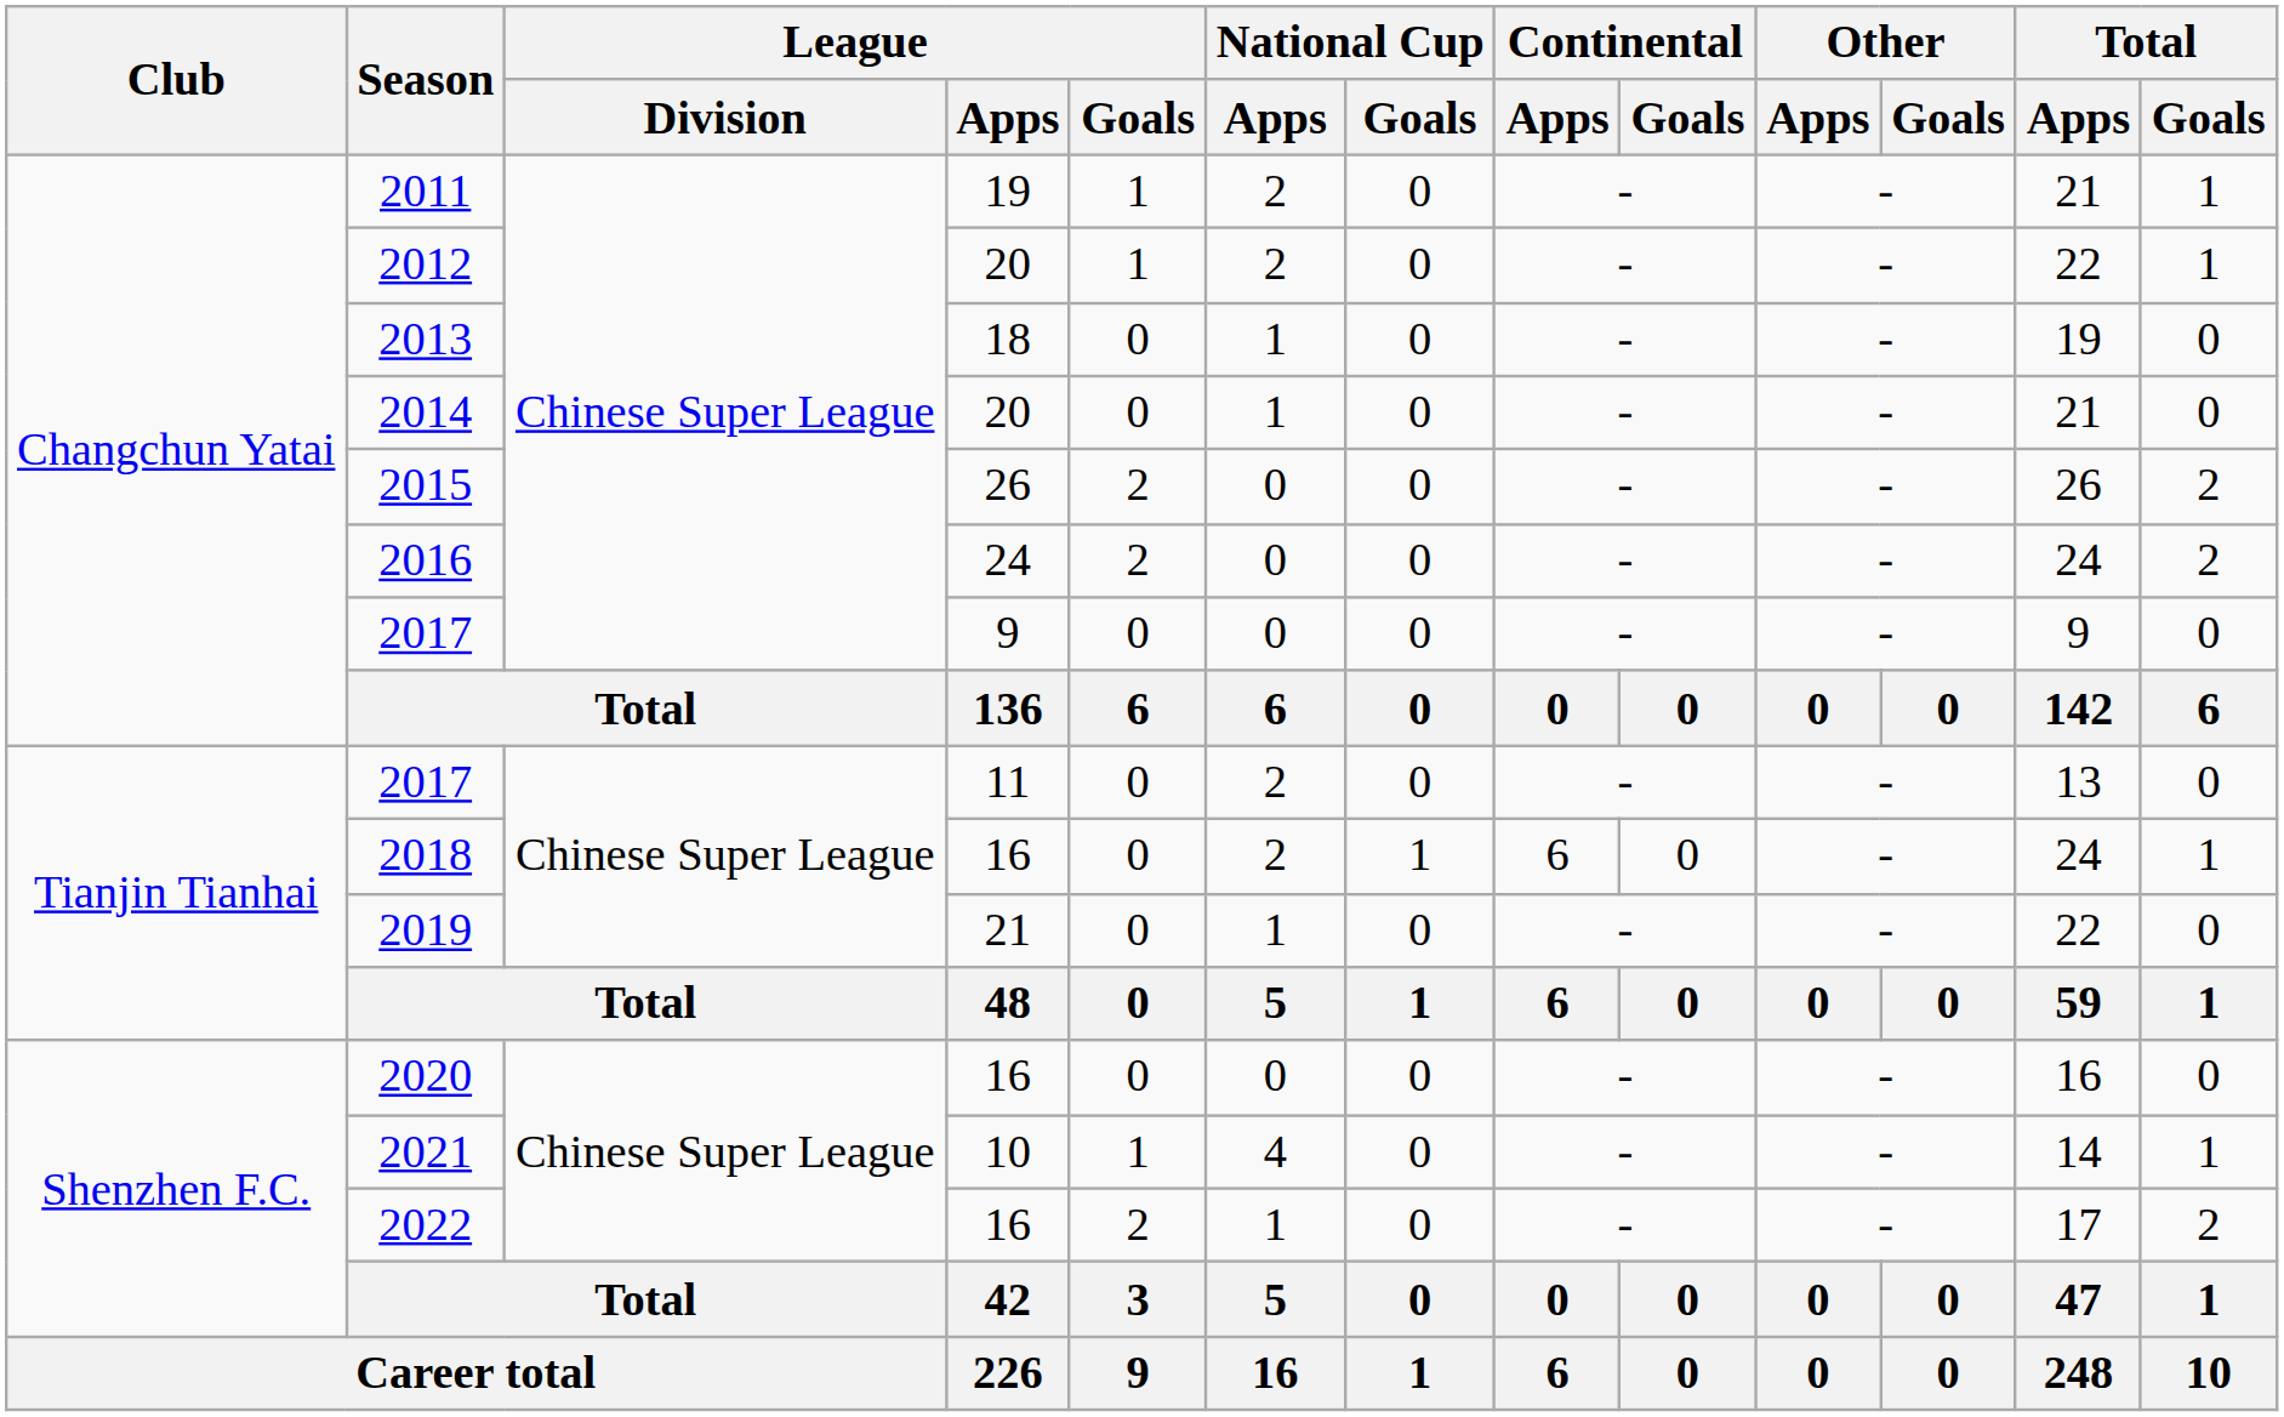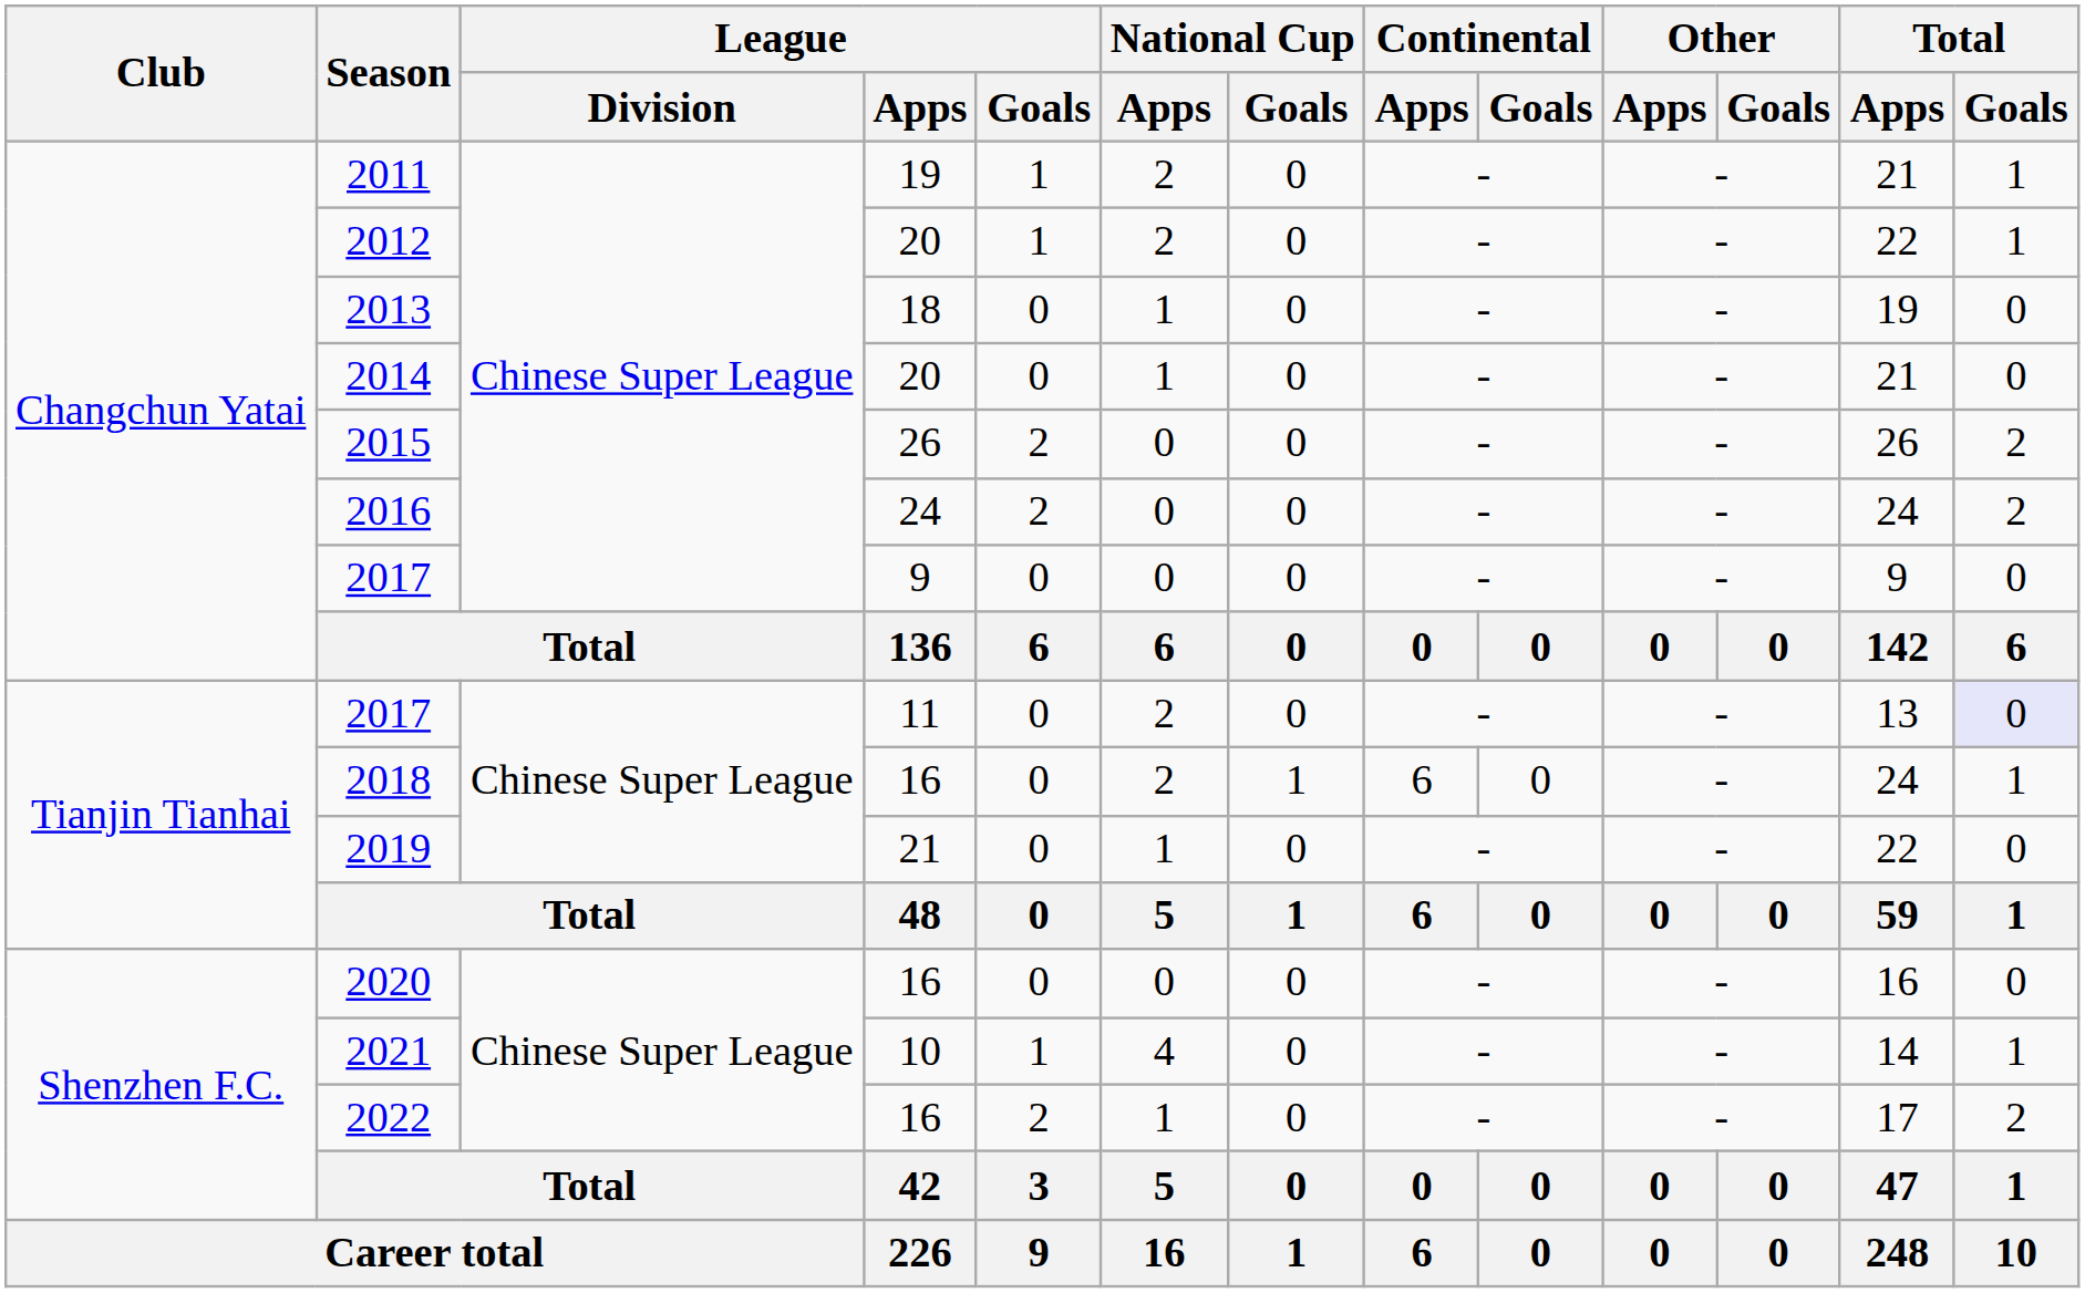 <table class="wikitable" style="text-align: center">
 <tr>
 <th rowspan="2">Club</th>
 <th rowspan="2">Season</th>
 <th colspan="3">League</th>
 <th colspan="2">National Cup</th>
 <th colspan="2">Continental</th>
 <th colspan="2">Other</th>
 <th colspan="2">Total</th>
 </tr>
 <tr>
 <th>Division</th>
 <th>Apps</th>
 <th>Goals</th>
 <th>Apps</th>
 <th>Goals</th>
 <th>Apps</th>
 <th>Goals</th>
 <th>Apps</th>
 <th>Goals</th>
 <th>Apps</th>
 <th>Goals</th>
 </tr>
 <tr>
 <td rowspan=8><a href='#'>Changchun Yatai</a></td>
 <td><a href='#'>2011</a></td>
 <td rowspan=7><a href='#'>Chinese Super League</a></td>
 <td>19</td>
 <td>1</td>
 <td>2</td>
 <td>0</td>
 <td colspan="2">-</td>
 <td colspan="2">-</td>
 <td>21</td>
 <td>1</td>
 </tr>
 <tr>
 <td><a href='#'>2012</a></td>
 <td>20</td>
 <td>1</td>
 <td>2</td>
 <td>0</td>
 <td colspan="2">-</td>
 <td colspan="2">-</td>
 <td>22</td>
 <td>1</td>
 </tr>
 <tr>
 <td><a href='#'>2013</a></td>
 <td>18</td>
 <td>0</td>
 <td>1</td>
 <td>0</td>
 <td colspan="2">-</td>
 <td colspan="2">-</td>
 <td>19</td>
 <td>0</td>
 </tr>
 <tr>
 <td><a href='#'>2014</a></td>
 <td>20</td>
 <td>0</td>
 <td>1</td>
 <td>0</td>
 <td colspan="2">-</td>
 <td colspan="2">-</td>
 <td>21</td>
 <td>0</td>
 </tr>
 <tr>
 <td><a href='#'>2015</a></td>
 <td>26</td>
 <td>2</td>
 <td>0</td>
 <td>0</td>
 <td colspan="2">-</td>
 <td colspan="2">-</td>
 <td>26</td>
 <td>2</td>
 </tr>
 <tr>
 <td><a href='#'>2016</a></td>
 <td>24</td>
 <td>2</td>
 <td>0</td>
 <td>0</td>
 <td colspan="2">-</td>
 <td colspan="2">-</td>
 <td>24</td>
 <td>2</td>
 </tr>
 <tr>
 <td><a href='#'>2017</a></td>
 <td>9</td>
 <td>0</td>
 <td>0</td>
 <td>0</td>
 <td colspan="2">-</td>
 <td colspan="2">-</td>
 <td>9</td>
 <td>0</td>
 </tr>
 <tr>
 <th colspan=2>Total</th>
 <th>136</th>
 <th>6</th>
 <th>6</th>
 <th>0</th>
 <th>0</th>
 <th>0</th>
 <th>0</th>
 <th>0</th>
 <th>142</th>
 <th>6</th>
 </tr>
 <tr>
 <td rowspan=4><a href='#'>Tianjin Tianhai</a></td>
 <td><a href='#'>2017</a></td>
 <td rowspan=3>Chinese Super League</td>
 <td>11</td>
 <td>0</td>
 <td>2</td>
 <td>0</td>
 <td colspan="2">-</td>
 <td colspan="2">-</td>
 <td>13</td>
-<td>0</td>
+<td style="background: lavender;">0</td>
 </tr>
 <tr>
 <td><a href='#'>2018</a></td>
 <td>16</td>
 <td>0</td>
 <td>2</td>
 <td>1</td>
 <td>6</td>
 <td>0</td>
 <td colspan="2">-</td>
 <td>24</td>
 <td>1</td>
 </tr>
 <tr>
 <td><a href='#'>2019</a></td>
 <td>21</td>
 <td>0</td>
 <td>1</td>
 <td>0</td>
 <td colspan="2">-</td>
 <td colspan="2">-</td>
 <td>22</td>
 <td>0</td>
 </tr>
 <tr>
 <th colspan=2>Total</th>
 <th>48</th>
 <th>0</th>
 <th>5</th>
 <th>1</th>
 <th>6</th>
 <th>0</th>
 <th>0</th>
 <th>0</th>
 <th>59</th>
 <th>1</th>
 </tr>
 <tr>
 <td rowspan=4><a href='#'>Shenzhen F.C.</a></td>
 <td><a href='#'>2020</a></td>
 <td rowspan=3>Chinese Super League</td>
 <td>16</td>
 <td>0</td>
 <td>0</td>
 <td>0</td>
 <td colspan="2">-</td>
 <td colspan="2">-</td>
 <td>16</td>
 <td>0</td>
 </tr>
 <tr>
 <td><a href='#'>2021</a></td>
 <td>10</td>
 <td>1</td>
 <td>4</td>
 <td>0</td>
 <td colspan="2">-</td>
 <td colspan="2">-</td>
 <td>14</td>
 <td>1</td>
 </tr>
 <tr>
 <td><a href='#'>2022</a></td>
 <td>16</td>
 <td>2</td>
 <td>1</td>
 <td>0</td>
 <td colspan="2">-</td>
 <td colspan="2">-</td>
 <td>17</td>
 <td>2</td>
 </tr>
 <tr>
 <th colspan=2>Total</th>
 <th>42</th>
 <th>3</th>
 <th>5</th>
 <th>0</th>
 <th>0</th>
 <th>0</th>
 <th>0</th>
 <th>0</th>
 <th>47</th>
 <th>1</th>
 </tr>
 <tr>
 <th colspan=3>Career total</th>
 <th>226</th>
 <th>9</th>
 <th>16</th>
 <th>1</th>
 <th>6</th>
 <th>0</th>
 <th>0</th>
 <th>0</th>
 <th>248</th>
 <th>10</th>
 </tr>
 </table>
